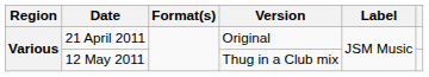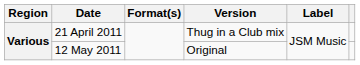 <table class="wikitable plainrowheaders">
 <tr>
 <th scope="col">Region</th>
 <th scope="col">Date</th>
 <th scope="col">Format(s)</th>
 <th scope="col">Version</th>
 <th scope="col">Label</th>
 <th scope="col"></th>
 </tr>
 <tr>
 <th scope="row" rowspan="2">Various</th>
 <td>21 April 2011</td>
 <td rowspan="2"></td>
-<td>Original</td>
+<td>Thug in a Club mix</td>
 <td rowspan="2">JSM Music</td>
 <td style="text-align:center;"></td>
 </tr>
 <tr>
 <td>12 May 2011</td>
-<td>Thug in a Club mix</td>
+<td>Original</td>
 <td style="text-align:center;"></td>
 </tr>
 </table>
